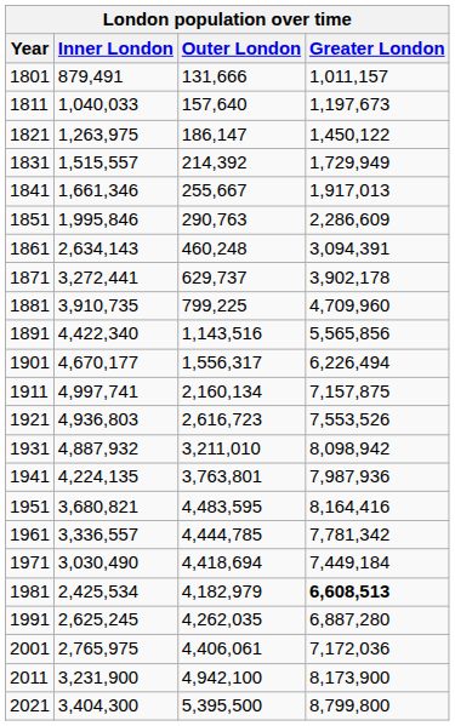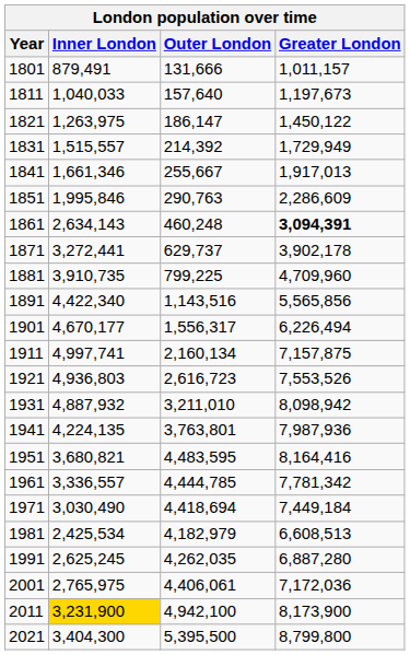 <table class="wikitable mw-collapsible mw-collapsed">
 <tr>
 <th colspan="4">London population over time</th>
 </tr>
 <tr>
 <th>Year</th>
 <th><a href='#'>Inner London</a></th>
 <th><a href='#'>Outer London</a></th>
 <th><a href='#'>Greater London</a></th>
 </tr>
 <tr>
 <td>1801</td>
 <td>879,491</td>
 <td>131,666</td>
 <td>1,011,157</td>
 </tr>
 <tr>
 <td>1811</td>
 <td> 1,040,033</td>
 <td> 157,640</td>
 <td> 1,197,673</td>
 </tr>
 <tr>
 <td>1821</td>
 <td> 1,263,975</td>
 <td> 186,147</td>
 <td> 1,450,122</td>
 </tr>
 <tr>
 <td>1831</td>
 <td> 1,515,557</td>
 <td> 214,392</td>
 <td> 1,729,949</td>
 </tr>
 <tr>
 <td>1841</td>
 <td> 1,661,346</td>
 <td> 255,667</td>
 <td> 1,917,013</td>
 </tr>
 <tr>
 <td>1851</td>
 <td> 1,995,846</td>
 <td> 290,763</td>
 <td> 2,286,609</td>
 </tr>
 <tr>
 <td>1861</td>
 <td> 2,634,143</td>
 <td> 460,248</td>
-<td> 3,094,391</td>
+<td><strong> 3,094,391</strong></td>
 </tr>
 <tr>
 <td>1871</td>
 <td> 3,272,441</td>
 <td> 629,737</td>
 <td> 3,902,178</td>
 </tr>
 <tr>
 <td>1881</td>
 <td> 3,910,735</td>
 <td> 799,225</td>
 <td> 4,709,960</td>
 </tr>
 <tr>
 <td>1891</td>
 <td> 4,422,340</td>
 <td> 1,143,516</td>
 <td> 5,565,856</td>
 </tr>
 <tr>
 <td>1901</td>
 <td> 4,670,177</td>
 <td> 1,556,317</td>
 <td> 6,226,494</td>
 </tr>
 <tr>
 <td>1911</td>
 <td> 4,997,741</td>
 <td> 2,160,134</td>
 <td> 7,157,875</td>
 </tr>
 <tr>
 <td>1921</td>
 <td> 4,936,803</td>
 <td> 2,616,723</td>
 <td> 7,553,526</td>
 </tr>
 <tr>
 <td>1931</td>
 <td> 4,887,932</td>
 <td> 3,211,010</td>
 <td> 8,098,942</td>
 </tr>
 <tr>
 <td>1941</td>
 <td> 4,224,135</td>
 <td> 3,763,801</td>
 <td> 7,987,936</td>
 </tr>
 <tr>
 <td>1951</td>
 <td> 3,680,821</td>
 <td> 4,483,595</td>
 <td> 8,164,416</td>
 </tr>
 <tr>
 <td>1961</td>
 <td> 3,336,557</td>
 <td> 4,444,785</td>
 <td> 7,781,342</td>
 </tr>
 <tr>
 <td>1971</td>
 <td> 3,030,490</td>
 <td> 4,418,694</td>
 <td> 7,449,184</td>
 </tr>
 <tr>
 <td>1981</td>
 <td> 2,425,534</td>
 <td> 4,182,979</td>
-<td><strong> 6,608,513</strong></td>
+<td> 6,608,513</td>
 </tr>
 <tr>
 <td>1991</td>
 <td> 2,625,245</td>
 <td> 4,262,035</td>
 <td> 6,887,280</td>
 </tr>
 <tr>
 <td>2001</td>
 <td> 2,765,975</td>
 <td> 4,406,061</td>
 <td> 7,172,036</td>
 </tr>
 <tr>
 <td>2011</td>
-<td> 3,231,900</td>
+<td style="background: gold;"> 3,231,900</td>
 <td> 4,942,100</td>
 <td> 8,173,900</td>
 </tr>
 <tr>
 <td>2021</td>
 <td> 3,404,300</td>
 <td> 5,395,500</td>
 <td> 8,799,800</td>
 </tr>
 </table>
